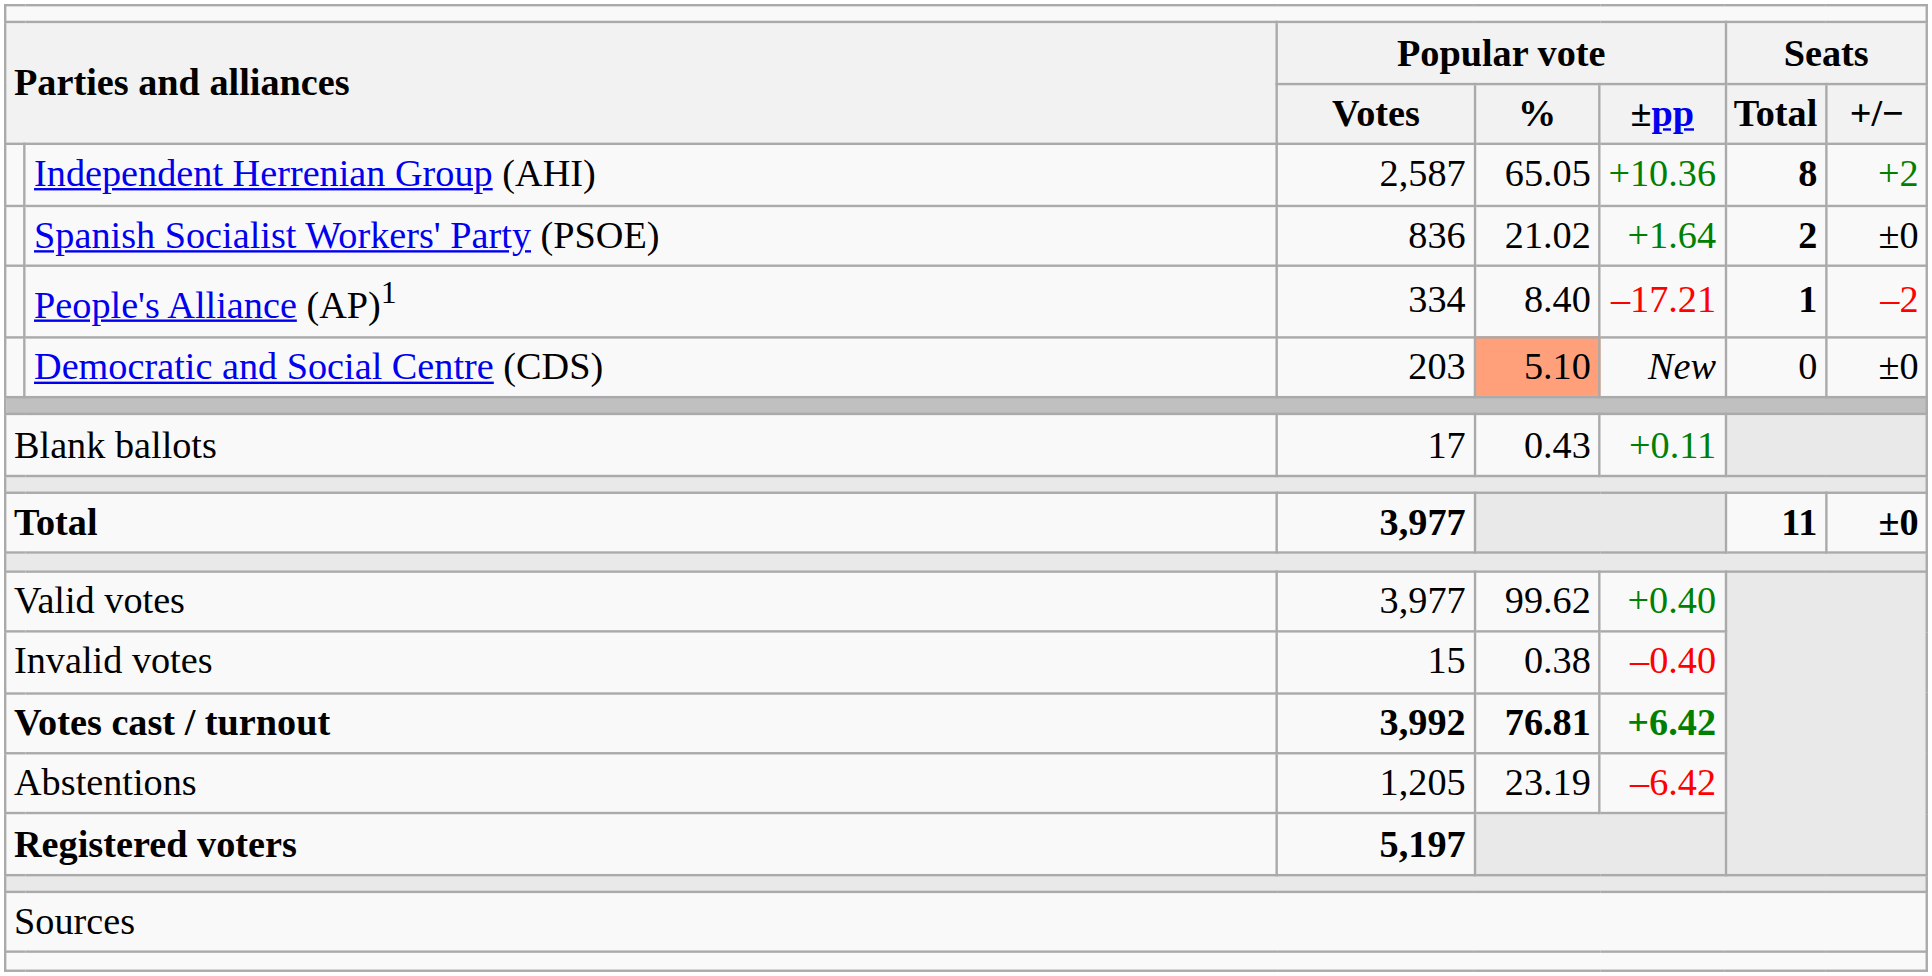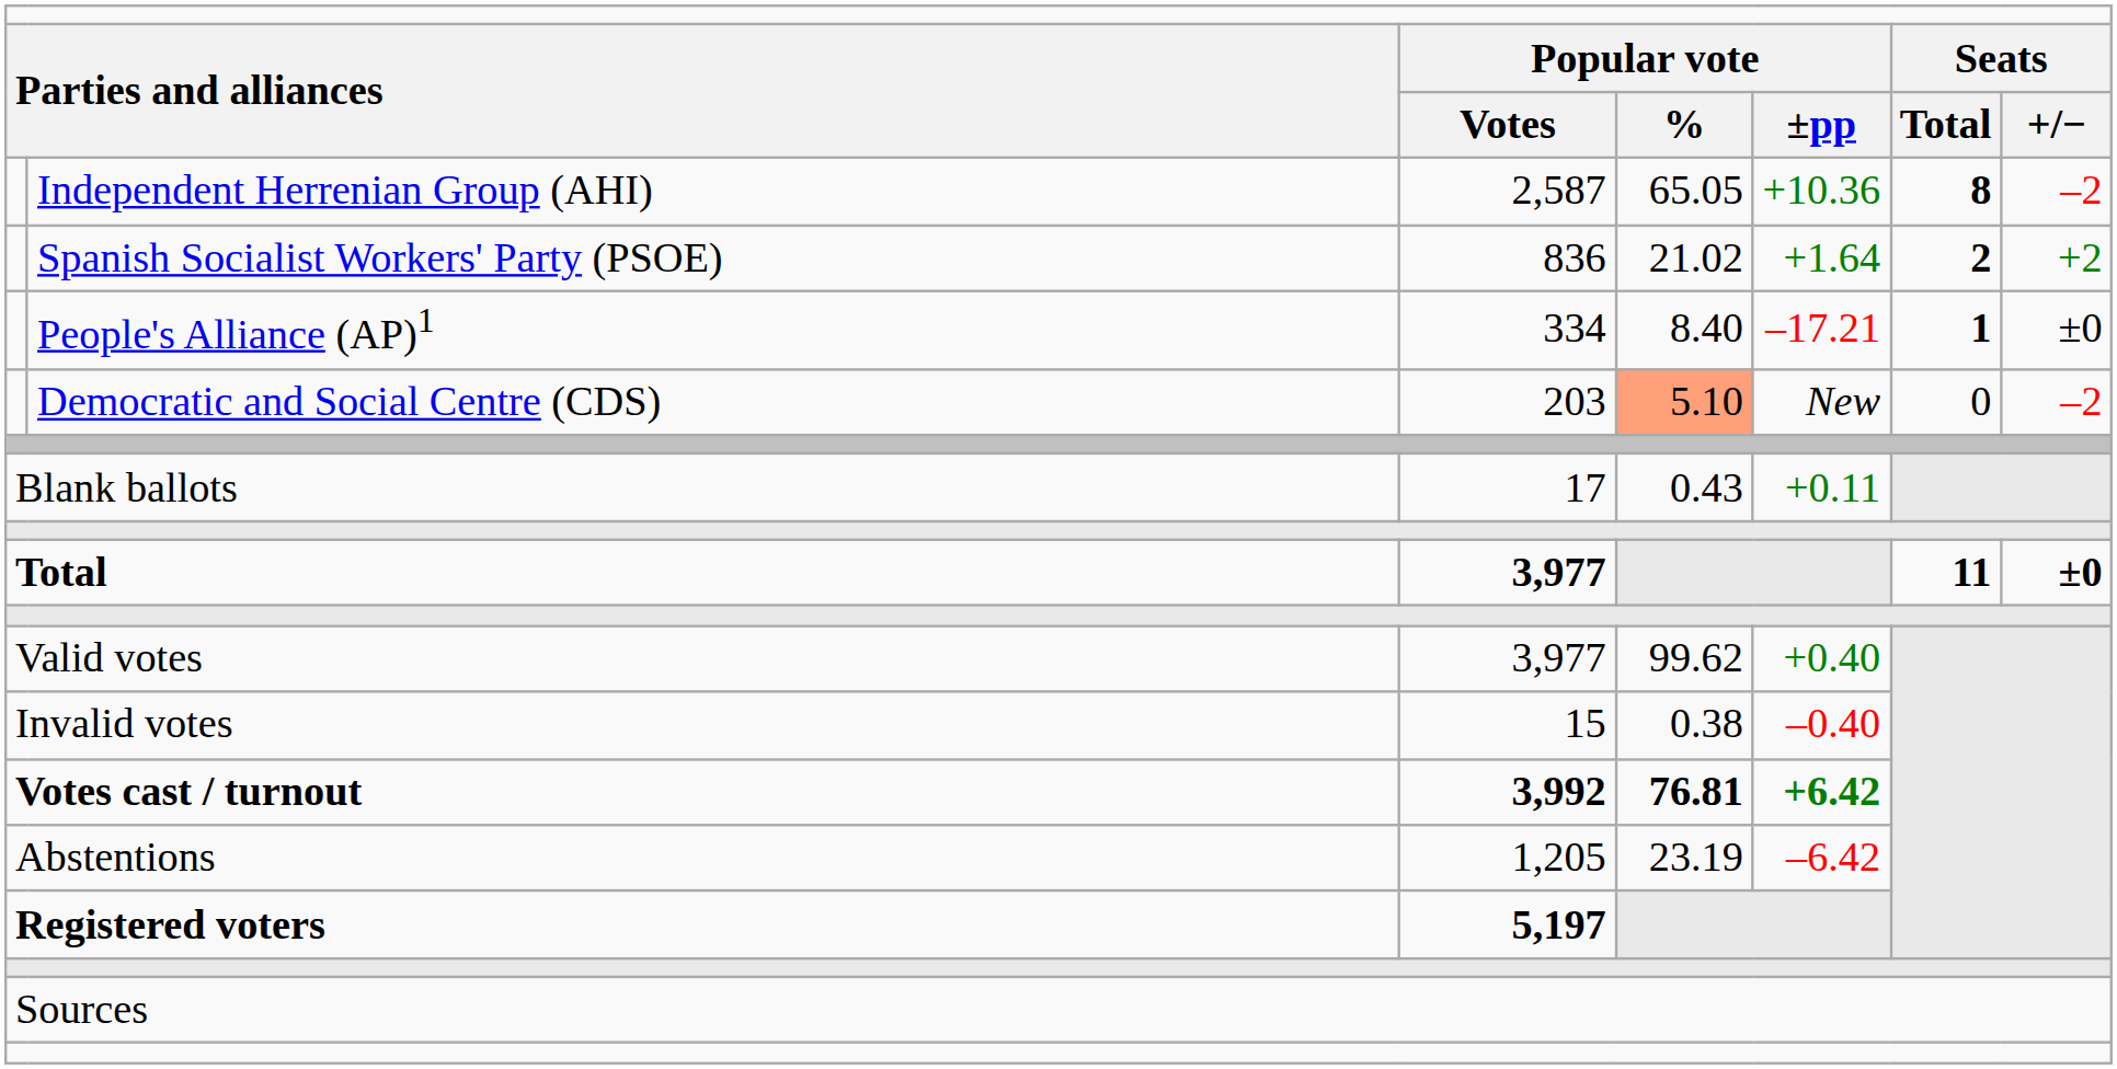 <table class="wikitable" style="text-align:right;">
 <tr>
 <td colspan="7"></td>
 </tr>
 <tr>
 <th style="text-align:left;" rowspan="2" colspan="2" width="525">Parties and alliances</th>
 <th colspan="3">Popular vote</th>
 <th colspan="2">Seats</th>
 </tr>
 <tr>
 <th width="75">Votes</th>
 <th width="45">%</th>
 <th width="45">±<a href='#'>pp</a></th>
 <th width="35">Total</th>
 <th width="35">+/−</th>
 </tr>
 <tr>
 <td width="1" style="color:inherit;background:"></td>
 <td align="left"><a href='#'>Independent Herrenian Group</a> (AHI)</td>
 <td>2,587</td>
 <td>65.05</td>
 <td style="color:green;">+10.36</td>
 <td><strong>8</strong></td>
-<td style="color:green;">+2</td>
+<td style="color:red;">–2</td>
 </tr>
 <tr>
 <td style="color:inherit;background:"></td>
 <td align="left"><a href='#'>Spanish Socialist Workers' Party</a> (PSOE)</td>
 <td>836</td>
 <td>21.02</td>
 <td style="color:green;">+1.64</td>
 <td><strong>2</strong></td>
-<td>±0</td>
+<td style="color:green;">+2</td>
 </tr>
 <tr>
 <td style="color:inherit;background:"></td>
 <td align="left"><a href='#'>People's Alliance</a> (AP)<sup>1</sup></td>
 <td>334</td>
 <td>8.40</td>
 <td style="color:red;">–17.21</td>
 <td><strong>1</strong></td>
-<td style="color:red;">–2</td>
+<td>±0</td>
 </tr>
 <tr>
 <td style="color:inherit;background:"></td>
 <td align="left"><a href='#'>Democratic and Social Centre</a> (CDS)</td>
 <td>203</td>
 <td style="background: lightsalmon;">5.10</td>
 <td><em>New</em></td>
 <td>0</td>
-<td>±0</td>
+<td style="color:red;">–2</td>
 </tr>
 <tr>
 <td colspan="7" bgcolor="#C0C0C0"></td>
 </tr>
 <tr>
 <td align="left" colspan="2">Blank ballots</td>
 <td>17</td>
 <td>0.43</td>
 <td style="color:green;">+0.11</td>
 <td bgcolor="#E9E9E9" colspan="2"></td>
 </tr>
 <tr>
 <td colspan="7" bgcolor="#E9E9E9"></td>
 </tr>
 <tr style="font-weight:bold;">
 <td align="left" colspan="2">Total</td>
 <td>3,977</td>
 <td bgcolor="#E9E9E9" colspan="2"></td>
 <td>11</td>
 <td>±0</td>
 </tr>
 <tr>
 <td colspan="7" bgcolor="#E9E9E9"></td>
 </tr>
 <tr>
 <td align="left" colspan="2">Valid votes</td>
 <td>3,977</td>
 <td>99.62</td>
 <td style="color:green;">+0.40</td>
 <td bgcolor="#E9E9E9" colspan="2" rowspan="5"></td>
 </tr>
 <tr>
 <td align="left" colspan="2">Invalid votes</td>
 <td>15</td>
 <td>0.38</td>
 <td style="color:red;">–0.40</td>
 </tr>
 <tr style="font-weight:bold;">
 <td align="left" colspan="2">Votes cast / turnout</td>
 <td>3,992</td>
 <td>76.81</td>
 <td style="color:green;">+6.42</td>
 </tr>
 <tr>
 <td align="left" colspan="2">Abstentions</td>
 <td>1,205</td>
 <td>23.19</td>
 <td style="color:red;">–6.42</td>
 </tr>
 <tr style="font-weight:bold;">
 <td align="left" colspan="2">Registered voters</td>
 <td>5,197</td>
 <td bgcolor="#E9E9E9" colspan="2"></td>
 </tr>
 <tr>
 <td colspan="7" bgcolor="#E9E9E9"></td>
 </tr>
 <tr>
 <td align="left" colspan="7">Sources</td>
 </tr>
 <tr>
 <td colspan="7" style="text-align:left; max-width:790px;"></td>
 </tr>
 </table>
